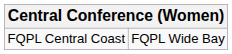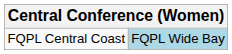 <table class="wikitable" style="text-align: center; width="100%;">
 <tr>
 <th colspan="2"> <strong><big>Central Conference (Women)</big></strong></th>
 </tr>
 <tr>
 <td>FQPL Central Coast</td>
-<td>FQPL Wide Bay</td>
+<td style="background: lightblue;">FQPL Wide Bay</td>
 </tr>
 </table>
